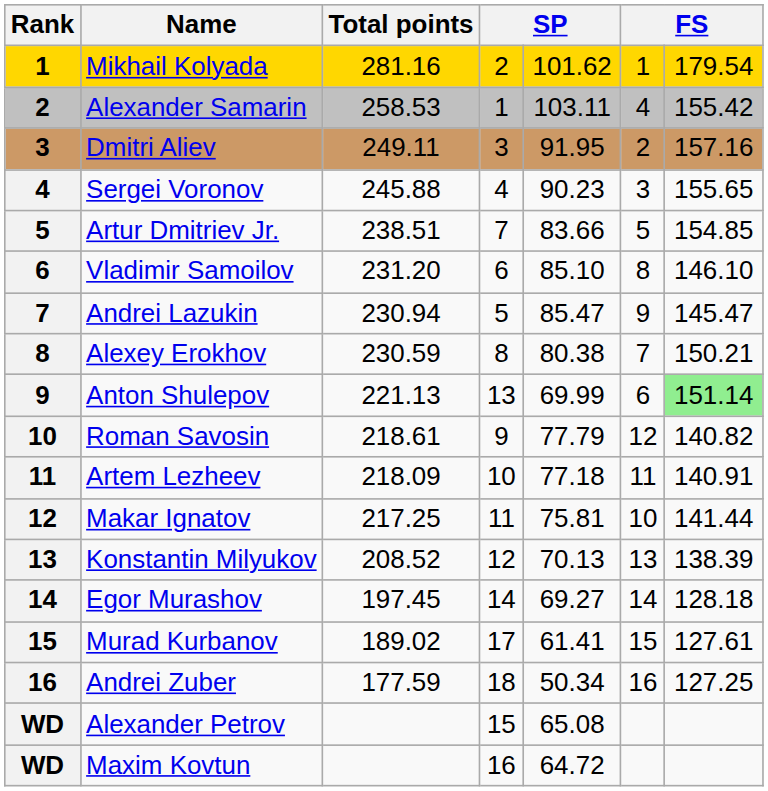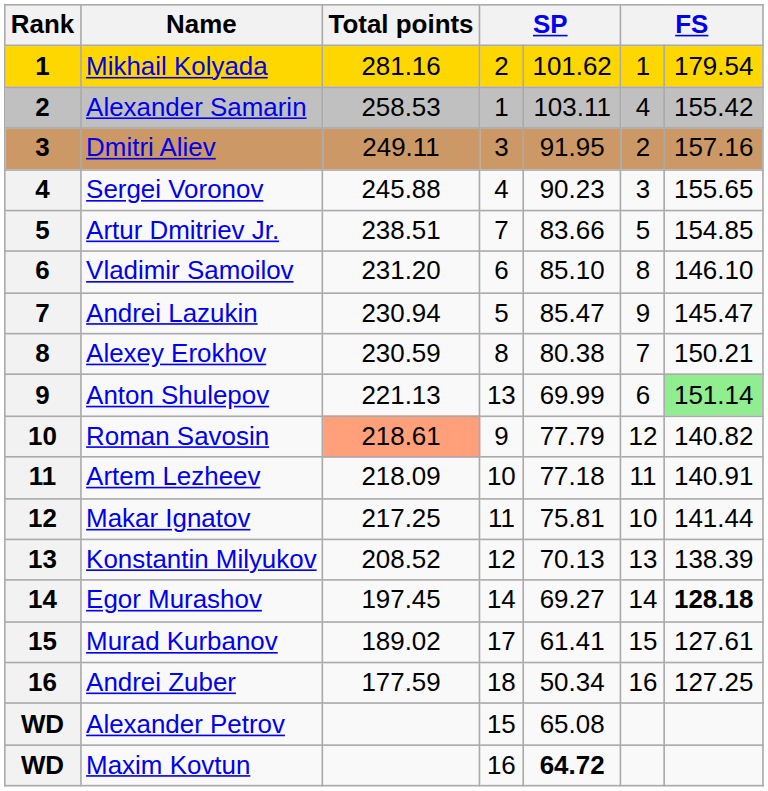 <table class="wikitable sortable">
 <tr>
 <th>Rank</th>
 <th>Name</th>
 <th>Total points</th>
 <th colspan="2" width="80px"><a href='#'>SP</a></th>
 <th colspan="2" width="80px"><a href='#'>FS</a></th>
 </tr>
 <tr bgcolor="gold">
 <td align="center"><strong>1</strong></td>
 <td><a href='#'>Mikhail Kolyada</a></td>
 <td align="center">281.16</td>
 <td align="center">2</td>
 <td align="center">101.62</td>
 <td align="center">1</td>
 <td align="center">179.54</td>
 </tr>
 <tr bgcolor="silver">
 <td align="center"><strong>2</strong></td>
 <td><a href='#'>Alexander Samarin</a></td>
 <td align="center">258.53</td>
 <td align="center">1</td>
 <td align="center">103.11</td>
 <td align="center">4</td>
 <td align="center">155.42</td>
 </tr>
 <tr bgcolor="cc9966">
 <td align="center"><strong>3</strong></td>
 <td><a href='#'>Dmitri Aliev</a></td>
 <td align="center">249.11</td>
 <td align="center">3</td>
 <td align="center">91.95</td>
 <td align="center">2</td>
 <td align="center">157.16</td>
 </tr>
 <tr>
 <th>4</th>
 <td><a href='#'>Sergei Voronov</a></td>
 <td align="center">245.88</td>
 <td align="center">4</td>
 <td align="center">90.23</td>
 <td align="center">3</td>
 <td align="center">155.65</td>
 </tr>
 <tr>
 <th>5</th>
 <td><a href='#'>Artur Dmitriev Jr.</a></td>
 <td align="center">238.51</td>
 <td align="center">7</td>
 <td align="center">83.66</td>
 <td align="center">5</td>
 <td align="center">154.85</td>
 </tr>
 <tr>
 <th>6</th>
 <td><a href='#'>Vladimir Samoilov</a></td>
 <td align="center">231.20</td>
 <td align="center">6</td>
 <td align="center">85.10</td>
 <td align="center">8</td>
 <td align="center">146.10</td>
 </tr>
 <tr>
 <th>7</th>
 <td><a href='#'>Andrei Lazukin</a></td>
 <td align="center">230.94</td>
 <td align="center">5</td>
 <td align="center">85.47</td>
 <td align="center">9</td>
 <td align="center">145.47</td>
 </tr>
 <tr>
 <th>8</th>
 <td><a href='#'>Alexey Erokhov</a></td>
 <td align="center">230.59</td>
 <td align="center">8</td>
 <td align="center">80.38</td>
 <td align="center">7</td>
 <td align="center">150.21</td>
 </tr>
 <tr>
 <th>9</th>
 <td><a href='#'>Anton Shulepov</a></td>
 <td align="center">221.13</td>
 <td align="center">13</td>
 <td align="center">69.99</td>
 <td align="center">6</td>
 <td align="center" style="background: lightgreen;">151.14</td>
 </tr>
 <tr>
 <th>10</th>
 <td><a href='#'>Roman Savosin</a></td>
-<td align="center">218.61</td>
+<td align="center" style="background: lightsalmon;">218.61</td>
 <td align="center">9</td>
 <td align="center">77.79</td>
 <td align="center">12</td>
 <td align="center">140.82</td>
 </tr>
 <tr>
 <th>11</th>
 <td><a href='#'>Artem Lezheev</a></td>
 <td align="center">218.09</td>
 <td align="center">10</td>
 <td align="center">77.18</td>
 <td align="center">11</td>
 <td align="center">140.91</td>
 </tr>
 <tr>
 <th>12</th>
 <td><a href='#'>Makar Ignatov</a></td>
 <td align="center">217.25</td>
 <td align="center">11</td>
 <td align="center">75.81</td>
 <td align="center">10</td>
 <td align="center">141.44</td>
 </tr>
 <tr>
 <th>13</th>
 <td><a href='#'>Konstantin Milyukov</a></td>
 <td align="center">208.52</td>
 <td align="center">12</td>
 <td align="center">70.13</td>
 <td align="center">13</td>
 <td align="center">138.39</td>
 </tr>
 <tr>
 <th>14</th>
 <td><a href='#'>Egor Murashov</a></td>
 <td align="center">197.45</td>
 <td align="center">14</td>
 <td align="center">69.27</td>
 <td align="center">14</td>
-<td align="center">128.18</td>
+<td align="center"><strong>128.18</strong></td>
 </tr>
 <tr>
 <th>15</th>
 <td><a href='#'>Murad Kurbanov</a></td>
 <td align="center">189.02</td>
 <td align="center">17</td>
 <td align="center">61.41</td>
 <td align="center">15</td>
 <td align="center">127.61</td>
 </tr>
 <tr>
 <th>16</th>
 <td><a href='#'>Andrei Zuber</a></td>
 <td align="center">177.59</td>
 <td align="center">18</td>
 <td align="center">50.34</td>
 <td align="center">16</td>
 <td align="center">127.25</td>
 </tr>
 <tr>
 <th>WD</th>
 <td><a href='#'>Alexander Petrov</a></td>
 <td></td>
 <td align="center">15</td>
 <td align="center">65.08</td>
 <td></td>
 <td></td>
 </tr>
 <tr>
 <th>WD</th>
 <td><a href='#'>Maxim Kovtun</a></td>
 <td></td>
 <td align="center">16</td>
-<td align="center">64.72</td>
+<td align="center"><strong>64.72</strong></td>
 <td></td>
 <td></td>
 </tr>
 </table>
